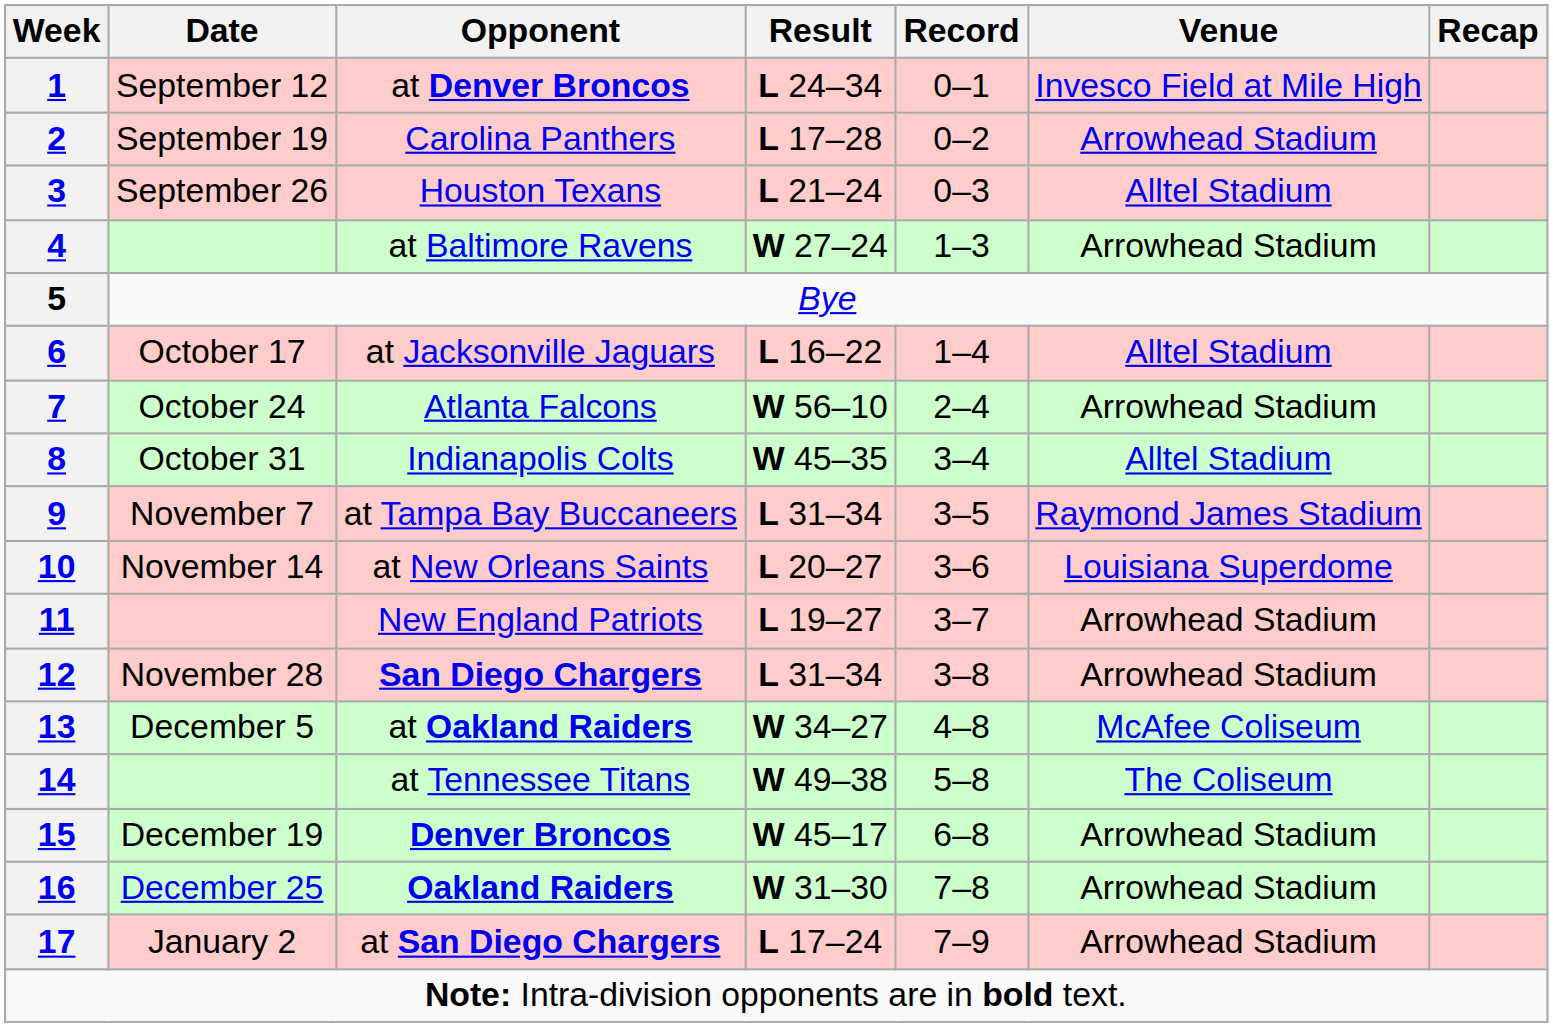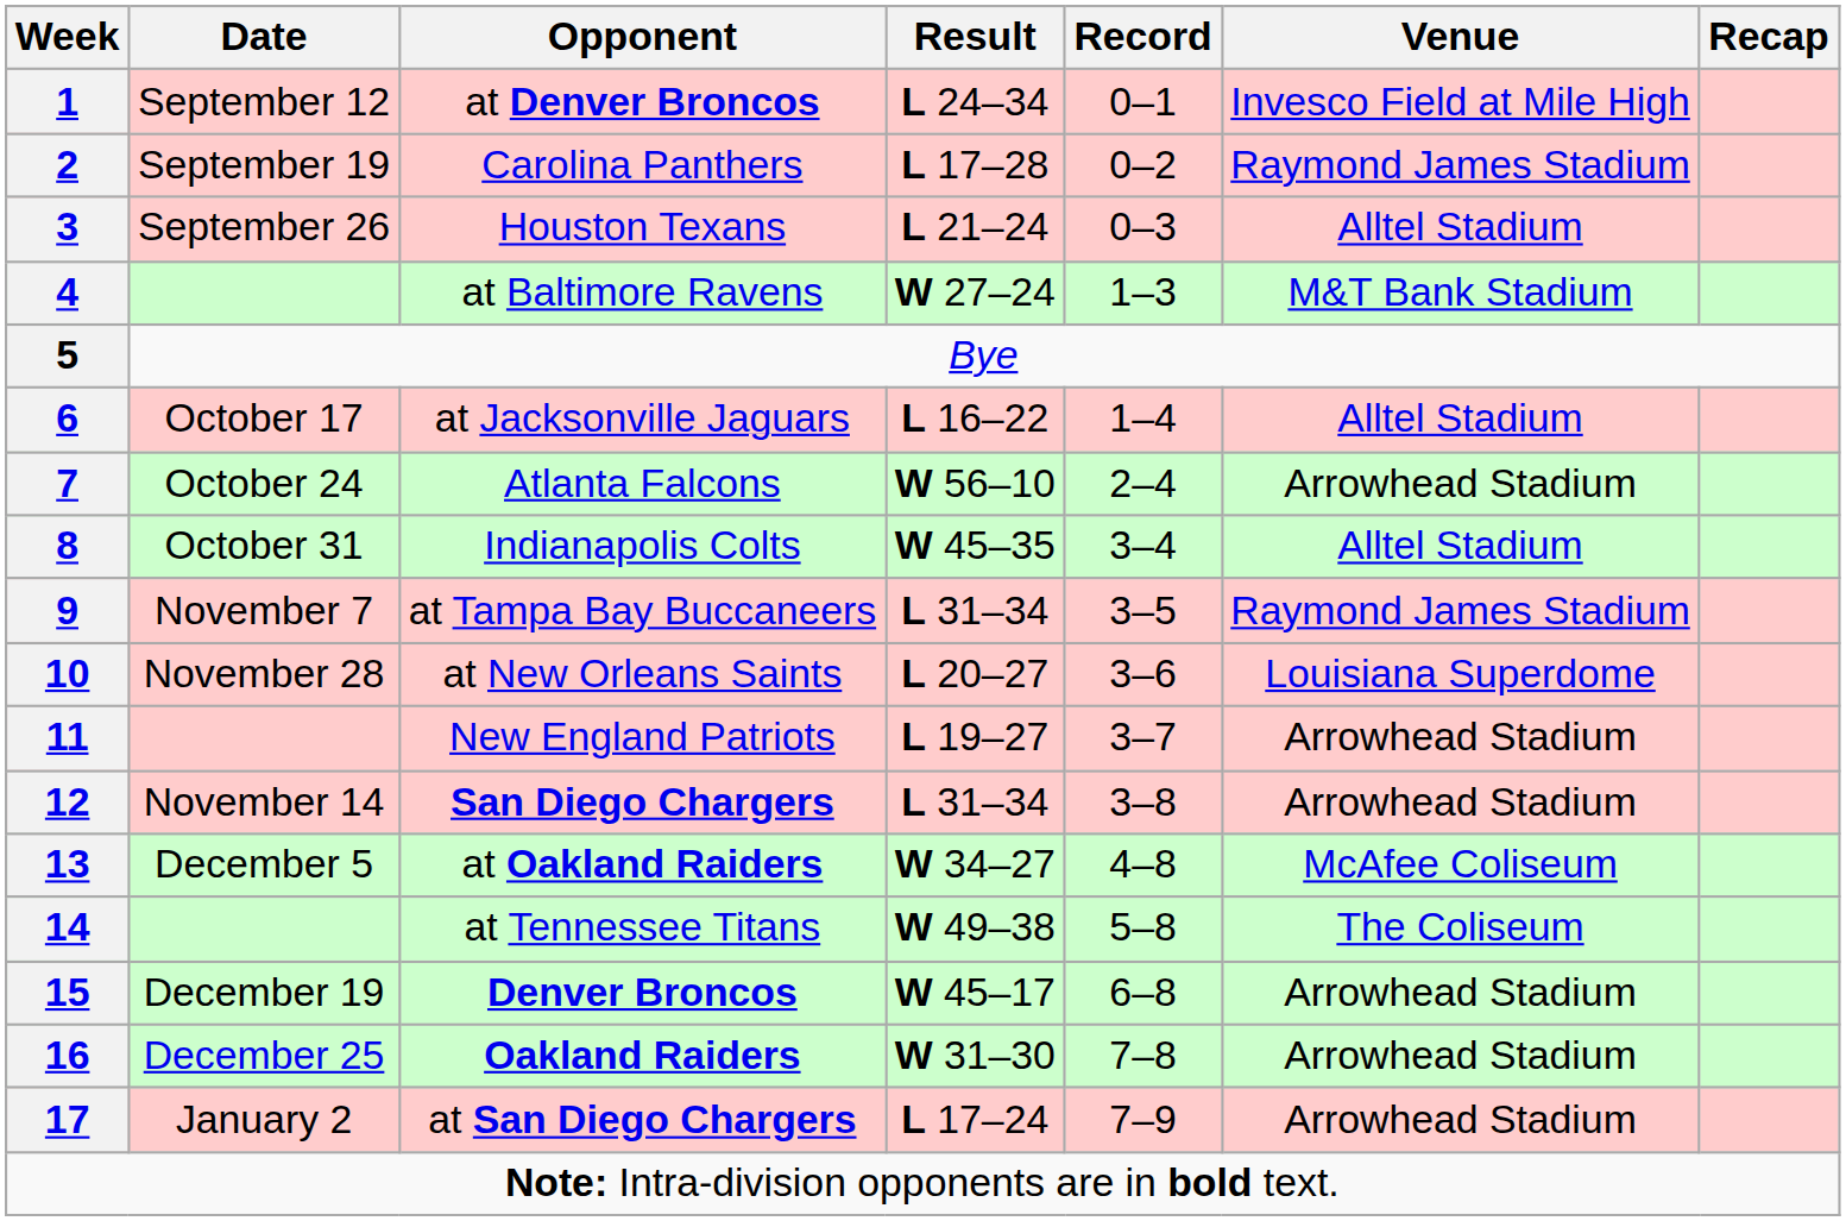 <table class="wikitable" style="text-align:center">
 <tr>
 <th>Week</th>
 <th>Date</th>
 <th>Opponent</th>
 <th>Result</th>
 <th>Record</th>
 <th>Venue</th>
 <th>Recap</th>
 </tr>
 <tr style="background:#fcc">
 <th><a href='#'>1</a></th>
 <td>September 12</td>
 <td>at <strong><a href='#'>Denver Broncos</a></strong></td>
 <td><strong>L</strong>  24–34</td>
 <td>0–1</td>
 <td><a href='#'>Invesco Field at Mile High</a></td>
 <td></td>
 </tr>
 <tr style="background:#fcc">
 <th><a href='#'>2</a></th>
 <td>September 19</td>
 <td><a href='#'>Carolina Panthers</a></td>
 <td><strong>L</strong> 17–28</td>
 <td>0–2</td>
-<td><a href='#'>Arrowhead Stadium</a></td>
+<td><a href='#'>Raymond James Stadium</a></td>
 <td></td>
 </tr>
 <tr style="background:#fcc">
 <th><a href='#'>3</a></th>
 <td>September 26</td>
 <td><a href='#'>Houston Texans</a></td>
 <td><strong>L</strong> 21–24</td>
 <td>0–3</td>
 <td><a href='#'>Alltel Stadium</a></td>
 <td></td>
 </tr>
 <tr style="background:#cfc">
 <th><a href='#'>4</a></th>
 <td></td>
 <td>at <a href='#'>Baltimore Ravens</a></td>
 <td><strong>W</strong> 27–24</td>
 <td>1–3</td>
-<td>Arrowhead Stadium</td>
+<td><a href='#'>M&T Bank Stadium</a></td>
 <td></td>
 </tr>
 <tr>
 <th>5</th>
 <td colspan="6"><em><a href='#'>Bye</a></em></td>
 </tr>
 <tr style="background:#fcc">
 <th><a href='#'>6</a></th>
 <td>October 17</td>
 <td>at <a href='#'>Jacksonville Jaguars</a></td>
 <td><strong>L</strong> 16–22</td>
 <td>1–4</td>
 <td><a href='#'>Alltel Stadium</a></td>
 <td></td>
 </tr>
 <tr style="background:#cfc">
 <th><a href='#'>7</a></th>
 <td>October 24</td>
 <td><a href='#'>Atlanta Falcons</a></td>
 <td><strong>W</strong> 56–10</td>
 <td>2–4</td>
 <td>Arrowhead Stadium</td>
 <td></td>
 </tr>
 <tr style="background:#cfc">
 <th><a href='#'>8</a></th>
 <td>October 31</td>
 <td><a href='#'>Indianapolis Colts</a></td>
 <td><strong>W</strong> 45–35</td>
 <td>3–4</td>
 <td><a href='#'>Alltel Stadium</a></td>
 <td></td>
 </tr>
 <tr style="background:#fcc">
 <th><a href='#'>9</a></th>
 <td>November 7</td>
 <td>at <a href='#'>Tampa Bay Buccaneers</a></td>
 <td><strong>L</strong> 31–34</td>
 <td>3–5</td>
 <td><a href='#'>Raymond James Stadium</a></td>
 <td></td>
 </tr>
 <tr style="background:#fcc">
 <th><a href='#'>10</a></th>
-<td>November 14</td>
+<td>November 28</td>
 <td>at <a href='#'>New Orleans Saints</a></td>
 <td><strong>L</strong> 20–27</td>
 <td>3–6</td>
 <td><a href='#'>Louisiana Superdome</a></td>
 <td></td>
 </tr>
 <tr style="background:#fcc">
 <th><a href='#'>11</a></th>
 <td></td>
 <td><a href='#'>New England Patriots</a></td>
 <td><strong>L</strong> 19–27</td>
 <td>3–7</td>
 <td>Arrowhead Stadium</td>
 <td></td>
 </tr>
 <tr style="background:#fcc">
 <th><a href='#'>12</a></th>
-<td>November 28</td>
+<td>November 14</td>
 <td><strong><a href='#'>San Diego Chargers</a></strong></td>
 <td><strong>L</strong> 31–34</td>
 <td>3–8</td>
 <td>Arrowhead Stadium</td>
 <td></td>
 </tr>
 <tr style="background:#cfc">
 <th><a href='#'>13</a></th>
 <td>December 5</td>
 <td>at <strong><a href='#'>Oakland Raiders</a></strong></td>
 <td><strong>W</strong> 34–27</td>
 <td>4–8</td>
 <td><a href='#'>McAfee Coliseum</a></td>
 <td></td>
 </tr>
 <tr style="background:#cfc">
 <th><a href='#'>14</a></th>
 <td></td>
 <td>at <a href='#'>Tennessee Titans</a></td>
 <td><strong>W</strong> 49–38</td>
 <td>5–8</td>
 <td><a href='#'>The Coliseum</a></td>
 <td></td>
 </tr>
 <tr style="background:#cfc">
 <th><a href='#'>15</a></th>
 <td>December 19</td>
 <td><strong><a href='#'>Denver Broncos</a></strong></td>
 <td><strong>W</strong> 45–17</td>
 <td>6–8</td>
 <td>Arrowhead Stadium</td>
 <td></td>
 </tr>
 <tr style="background:#cfc">
 <th><a href='#'>16</a></th>
 <td><a href='#'>December 25</a></td>
 <td><strong><a href='#'>Oakland Raiders</a></strong></td>
 <td><strong>W</strong> 31–30</td>
 <td>7–8</td>
 <td>Arrowhead Stadium</td>
 <td></td>
 </tr>
 <tr style="background:#fcc">
 <th><a href='#'>17</a></th>
 <td>January 2</td>
 <td>at <strong><a href='#'>San Diego Chargers</a></strong></td>
 <td><strong>L</strong> 17–24</td>
 <td>7–9</td>
 <td>Arrowhead Stadium</td>
 <td></td>
 </tr>
 <tr>
 <td colspan="7"><strong>Note:</strong> Intra-division opponents are in <strong>bold</strong> text.</td>
 </tr>
 </table>
